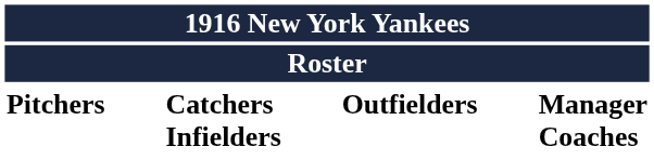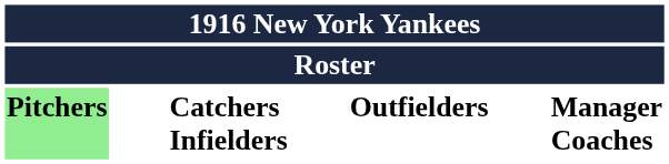 <table class="toccolours" style="font-size: 95%;">
 <tr>
 <th colspan="10" style="background-color: #1c2841; color: white; text-align: center;">1916 New York Yankees</th>
 </tr>
 <tr>
 <td colspan="10" style="background-color: #1c2841; color: white; text-align: center;"><strong>Roster</strong></td>
 </tr>
 <tr>
-<td valign="top"><strong>Pitchers</strong><br>            </td>
+<td valign="top" style="background: lightgreen;"><strong>Pitchers</strong><br>            </td>
 <td width="25px"></td>
 <td valign="top"><strong>Catchers</strong><br>   <strong>Infielders</strong>       </td>
 <td width="25px"></td>
 <td valign="top"><strong>Outfielders</strong><br>           </td>
 <td width="25px"></td>
 <td valign="top"><strong>Manager</strong><br> <strong>Coaches</strong>  </td>
 </tr>
 </table>
